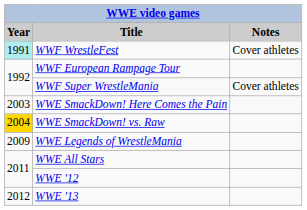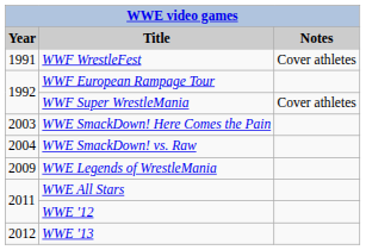 <table class="wikitable sortable">
 <tr style="text-align:center;">
 <th colspan=4 style="background:#B0C4DE;"><a href='#'>WWE video games</a></th>
 </tr>
 <tr style="text-align:center;">
 <th style="background:#ccc;">Year</th>
 <th style="background:#ccc;">Title</th>
 <th style="background:#ccc;">Notes</th>
 </tr>
 <tr>
-<td style="background: paleturquoise;">1991</td>
+<td>1991</td>
 <td><em><a href='#'>WWF WrestleFest</a></em></td>
 <td>Cover athletes</td>
 </tr>
 <tr>
 <td rowspan="2">1992</td>
 <td><em><a href='#'>WWF European Rampage Tour</a></em></td>
 <td></td>
 </tr>
 <tr>
 <td><em><a href='#'>WWF Super WrestleMania</a></em></td>
 <td>Cover athletes</td>
 </tr>
 <tr>
 <td>2003</td>
 <td><em><a href='#'>WWE SmackDown! Here Comes the Pain</a></em></td>
 <td></td>
 </tr>
 <tr>
-<td style="background: gold;">2004</td>
+<td>2004</td>
 <td><em><a href='#'>WWE SmackDown! vs. Raw</a></em></td>
 <td></td>
 </tr>
 <tr>
 <td>2009</td>
 <td><em><a href='#'>WWE Legends of WrestleMania</a></em></td>
 <td></td>
 </tr>
 <tr>
 <td rowspan="2">2011</td>
 <td><em><a href='#'>WWE All Stars</a></em></td>
 <td></td>
 </tr>
 <tr>
 <td><em><a href='#'>WWE '12</a></em></td>
 <td></td>
 </tr>
 <tr>
 <td>2012</td>
 <td><em><a href='#'>WWE '13</a></em></td>
 <td></td>
 </tr>
 </table>
